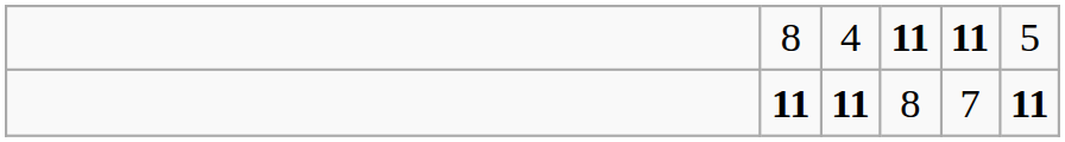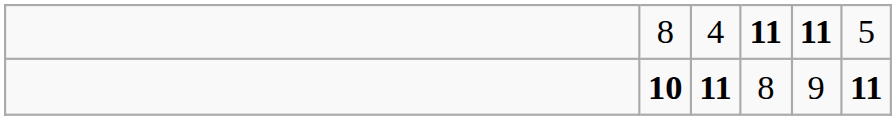 <table class="wikitable">
 <tr>
 <td style="width:18em"></td>
 <td align=center style="width:1em">8</td>
 <td align=center style="width:1em">4</td>
 <td align=center style="width:1em"><strong>11</strong></td>
 <td align=center style="width:1em"><strong>11</strong></td>
 <td align=center style="width:1em">5</td>
 </tr>
 <tr>
 <td style="width:18em"><strong></strong></td>
-<td align=center style="width:1em"><strong>11</strong></td>
+<td align=center style="width:1em"><strong>10</strong></td>
 <td align=center style="width:1em"><strong>11</strong></td>
 <td align=center style="width:1em">8</td>
-<td align=center style="width:1em">7</td>
+<td align=center style="width:1em">9</td>
 <td align=center style="width:1em"><strong>11</strong></td>
 </tr>
 </table>
